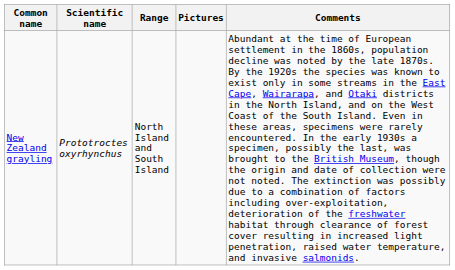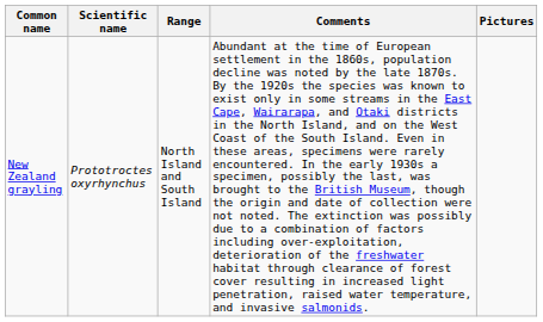 <table class="wikitable">
 <tr>
 <th>Common name</th>
 <th>Scientific name</th>
 <th>Range</th>
+<th class="unsortable">Comments</th>
 <th class="unsortable">Pictures</th>
-<th class="unsortable">Comments</th>
 </tr>
 <tr>
 <td><a href='#'>New Zealand grayling</a></td>
 <td><em>Prototroctes oxyrhynchus</em></td>
 <td>North Island and South Island</td>
+<td>Abundant at the time of European settlement in the 1860s, population decline was noted by the late 1870s. By the 1920s the species was known to exist only in some streams in the <a href='#'>East Cape</a>, <a href='#'>Wairarapa</a>, and <a href='#'>Otaki</a> districts in the North Island, and on the West Coast of the South Island. Even in these areas, specimens were rarely encountered. In the early 1930s a specimen, possibly the last, was brought to the <a href='#'>British Museum</a>, though the origin and date of collection were not noted. The extinction was possibly due to a combination of factors including over-exploitation, deterioration of the <a href='#'>freshwater</a> habitat through clearance of forest cover resulting in increased light penetration, raised water temperature, and invasive <a href='#'>salmonids</a>.</td>
 <td></td>
-<td>Abundant at the time of European settlement in the 1860s, population decline was noted by the late 1870s. By the 1920s the species was known to exist only in some streams in the <a href='#'>East Cape</a>, <a href='#'>Wairarapa</a>, and <a href='#'>Otaki</a> districts in the North Island, and on the West Coast of the South Island. Even in these areas, specimens were rarely encountered. In the early 1930s a specimen, possibly the last, was brought to the <a href='#'>British Museum</a>, though the origin and date of collection were not noted. The extinction was possibly due to a combination of factors including over-exploitation, deterioration of the <a href='#'>freshwater</a> habitat through clearance of forest cover resulting in increased light penetration, raised water temperature, and invasive <a href='#'>salmonids</a>.</td>
 </tr>
 </table>
